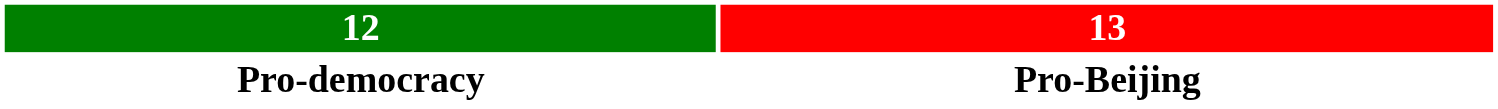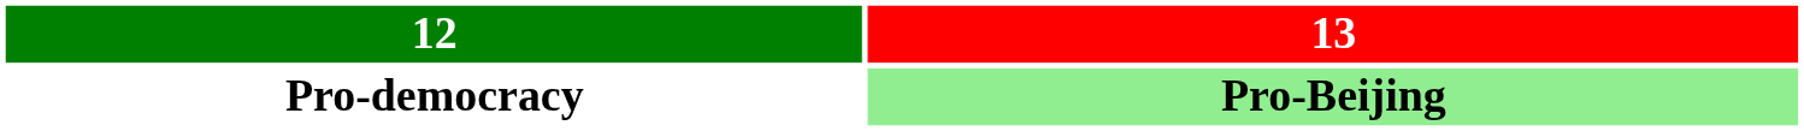 <table style="width:50%; text-align:center;">
 <tr style="color:white;">
 <td style="background:green; width:48%;"><strong>12</strong></td>
 <td style="background:red; width:52%;"><strong>13</strong></td>
 </tr>
 <tr>
 <td><span><strong>Pro-democracy</strong></span></td>
-<td><span><strong>Pro-Beijing</strong></span></td>
+<td style="background: lightgreen;"><span><strong>Pro-Beijing</strong></span></td>
 </tr>
 </table>
